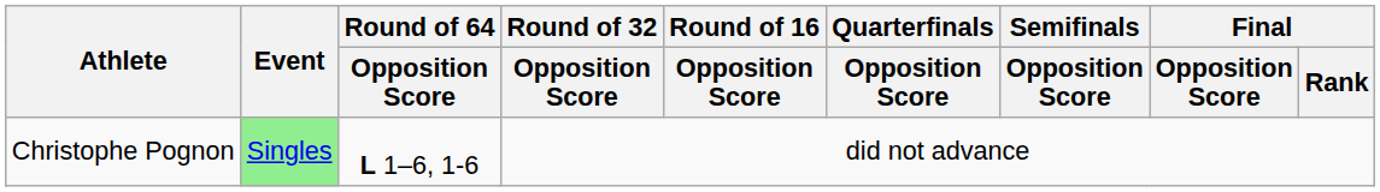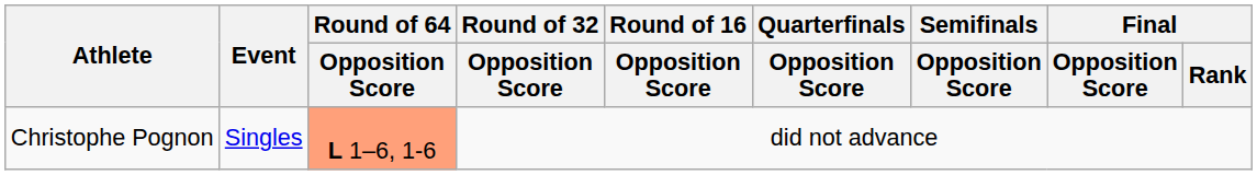 <table class="wikitable" border="1" style="font-size:90%">
 <tr>
 <th rowspan=2>Athlete</th>
 <th rowspan=2>Event</th>
 <th>Round of 64</th>
 <th>Round of 32</th>
 <th>Round of 16</th>
 <th>Quarterfinals</th>
 <th>Semifinals</th>
 <th colspan=2>Final</th>
 </tr>
 <tr>
 <th>Opposition<br>Score</th>
 <th>Opposition<br>Score</th>
 <th>Opposition<br>Score</th>
 <th>Opposition<br>Score</th>
 <th>Opposition<br>Score</th>
 <th>Opposition<br>Score</th>
 <th>Rank</th>
 </tr>
 <tr>
 <td>Christophe Pognon</td>
-<td style="background: lightgreen;"><a href='#'>Singles</a></td>
-<td align=center><br><strong>L</strong> 1–6, 1-6</td>
+<td><a href='#'>Singles</a></td>
+<td align=center style="background: lightsalmon;"><br><strong>L</strong> 1–6, 1-6</td>
 <td align=center colspan=6>did not advance</td>
 </tr>
 </table>
